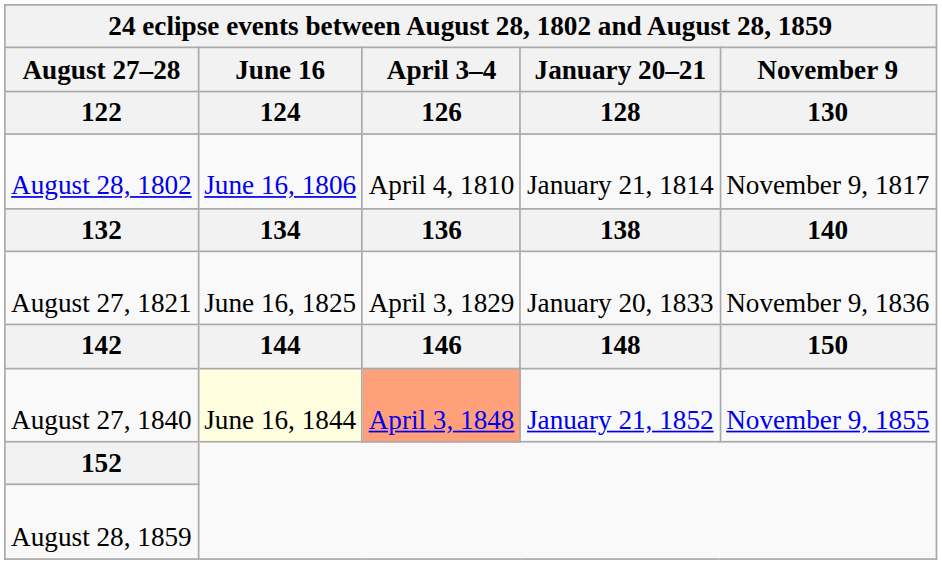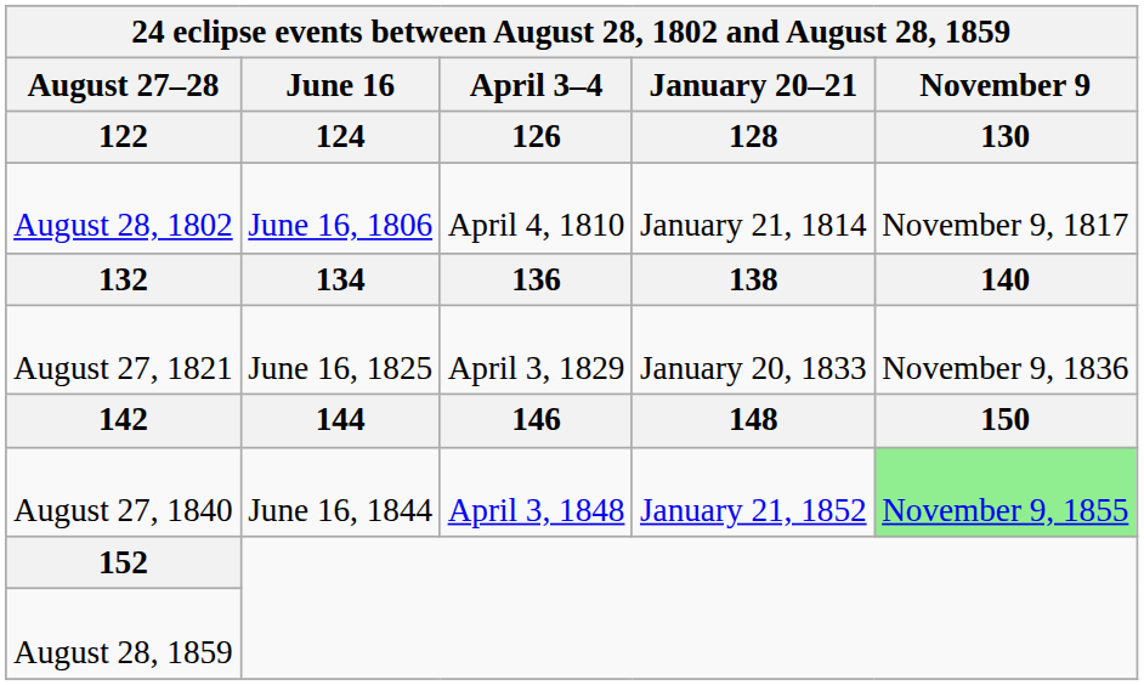 <table class="wikitable mw-collapsible mw-collapsed">
 <tr>
 <th colspan=5>24 eclipse events between August 28, 1802 and August 28, 1859</th>
 </tr>
 <tr>
 <th>August 27–28</th>
 <th>June 16</th>
 <th>April 3–4</th>
 <th>January 20–21</th>
 <th>November 9</th>
 </tr>
 <tr>
 <th>122</th>
 <th>124</th>
 <th>126</th>
 <th>128</th>
 <th>130</th>
 </tr>
 <tr style="text-align:center;">
 <td><br><a href='#'>August 28, 1802</a></td>
 <td><br><a href='#'>June 16, 1806</a></td>
 <td><br>April 4, 1810</td>
 <td><br>January 21, 1814</td>
 <td><br>November 9, 1817</td>
 </tr>
 <tr>
 <th>132</th>
 <th>134</th>
 <th>136</th>
 <th>138</th>
 <th>140</th>
 </tr>
 <tr style="text-align:center;">
 <td><br>August 27, 1821</td>
 <td><br>June 16, 1825</td>
 <td><br>April 3, 1829</td>
 <td><br>January 20, 1833</td>
 <td><br>November 9, 1836</td>
 </tr>
 <tr>
 <th>142</th>
 <th>144</th>
 <th>146</th>
 <th>148</th>
 <th>150</th>
 </tr>
 <tr style="text-align:center;">
 <td><br>August 27, 1840</td>
-<td style="background: lightyellow;"><br>June 16, 1844</td>
-<td style="background: lightsalmon;"><br><a href='#'>April 3, 1848</a></td>
+<td><br>June 16, 1844</td>
+<td><br><a href='#'>April 3, 1848</a></td>
 <td><br><a href='#'>January 21, 1852</a></td>
-<td><br><a href='#'>November 9, 1855</a></td>
+<td style="background: lightgreen;"><br><a href='#'>November 9, 1855</a></td>
 </tr>
 <tr>
 <th>152</th>
 </tr>
 <tr style="text-align:center;">
 <td><br>August 28, 1859</td>
 </tr>
 </table>
